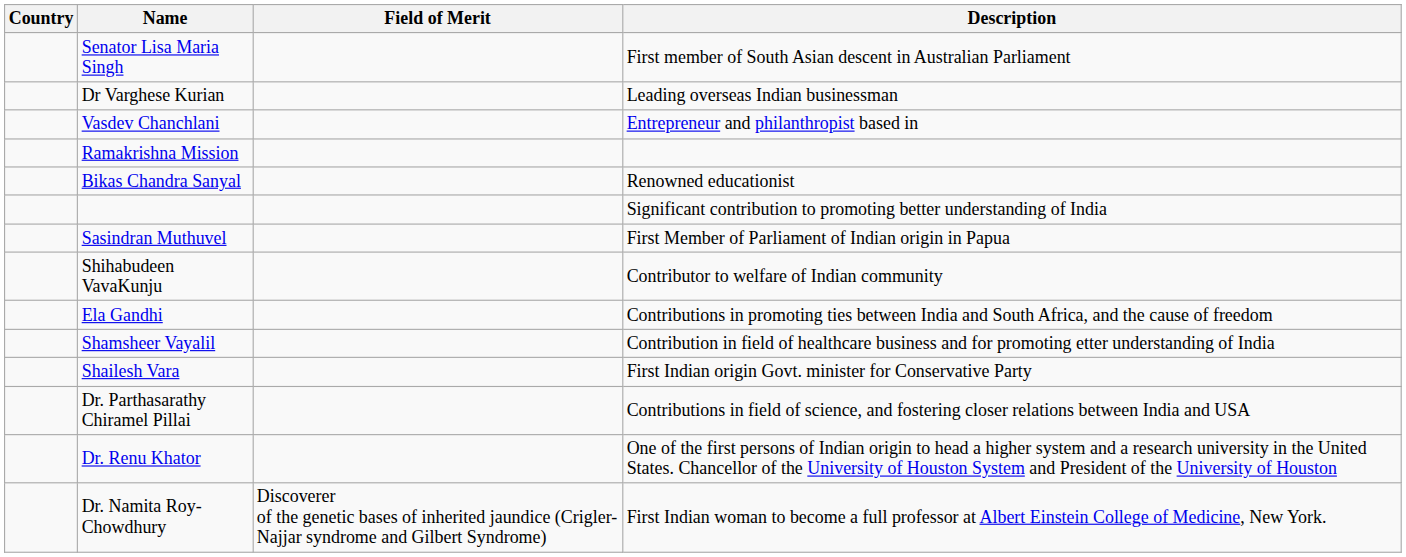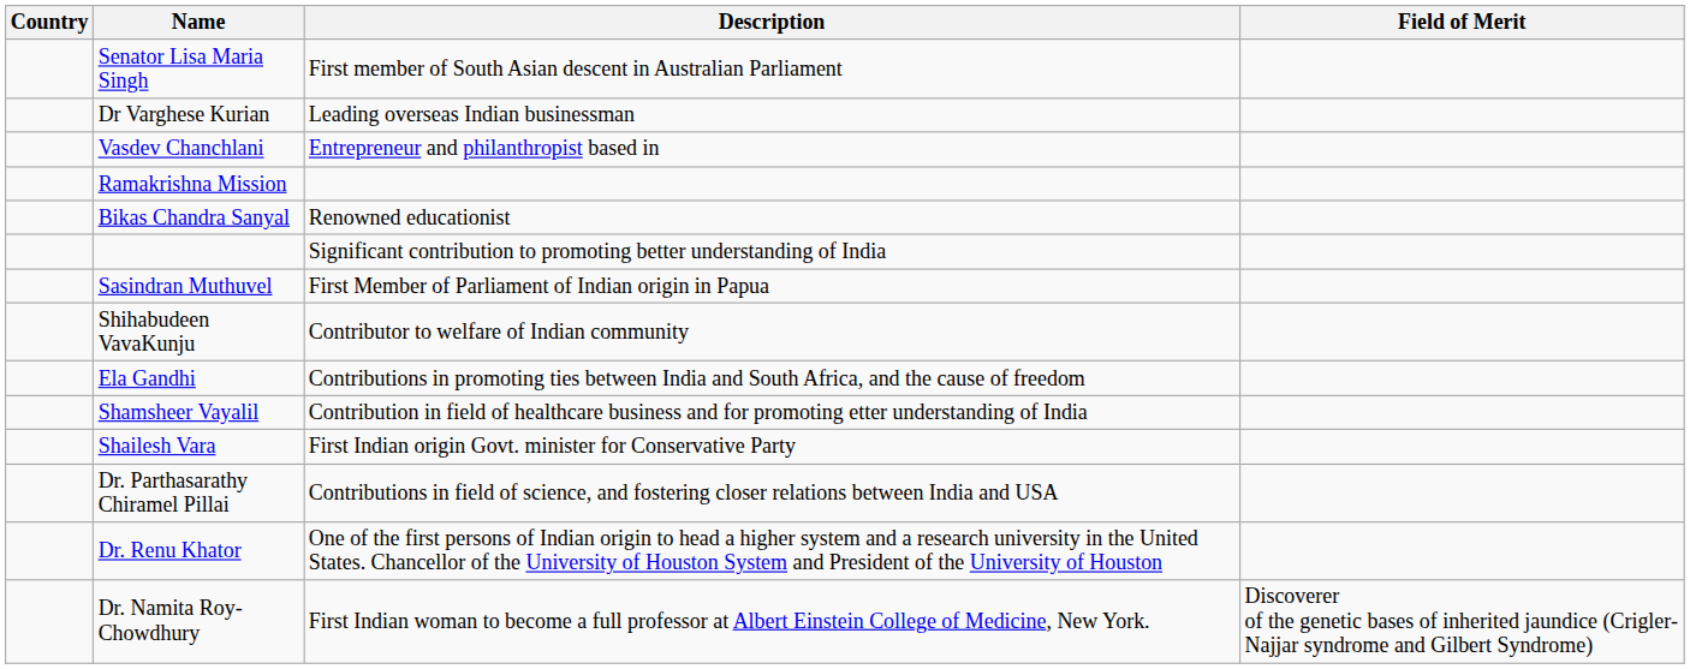 <table class="wikitable">
 <tr>
 <th>Country</th>
 <th>Name</th>
+<th>Description</th>
 <th>Field of Merit</th>
-<th>Description</th>
 </tr>
 <tr>
 <td></td>
 <td><a href='#'>Senator Lisa Maria Singh</a></td>
+<td>First member of South Asian descent in Australian Parliament</td>
 <td></td>
-<td>First member of South Asian descent in Australian Parliament</td>
 </tr>
 <tr>
 <td></td>
 <td>Dr Varghese Kurian</td>
+<td>Leading overseas Indian businessman</td>
 <td></td>
-<td>Leading overseas Indian businessman</td>
 </tr>
 <tr>
 <td></td>
 <td><a href='#'>Vasdev Chanchlani</a></td>
+<td><a href='#'>Entrepreneur</a> and <a href='#'>philanthropist</a> based in</td>
 <td></td>
-<td><a href='#'>Entrepreneur</a> and <a href='#'>philanthropist</a> based in</td>
 </tr>
 <tr>
 <td></td>
 <td><a href='#'>Ramakrishna Mission</a></td>
 <td></td>
 <td></td>
 </tr>
 <tr>
 <td></td>
 <td><a href='#'>Bikas Chandra Sanyal</a></td>
+<td>Renowned educationist</td>
 <td></td>
-<td>Renowned educationist</td>
 </tr>
 <tr>
 <td></td>
 <td></td>
+<td>Significant contribution to promoting better understanding of India</td>
 <td></td>
-<td>Significant contribution to promoting better understanding of India</td>
 </tr>
 <tr>
 <td></td>
 <td><a href='#'>Sasindran Muthuvel</a></td>
+<td>First Member of Parliament of Indian origin in Papua</td>
 <td></td>
-<td>First Member of Parliament of Indian origin in Papua</td>
 </tr>
 <tr>
 <td></td>
 <td>Shihabudeen VavaKunju</td>
+<td>Contributor to welfare of Indian community</td>
 <td></td>
-<td>Contributor to welfare of Indian community</td>
 </tr>
 <tr>
 <td></td>
 <td><a href='#'>Ela Gandhi</a></td>
+<td>Contributions in promoting ties between India and South Africa, and the cause of freedom</td>
 <td></td>
-<td>Contributions in promoting ties between India and South Africa, and the cause of freedom</td>
 </tr>
 <tr>
 <td></td>
 <td><a href='#'>Shamsheer Vayalil</a></td>
+<td>Contribution in field of healthcare business and for promoting etter understanding of India</td>
 <td></td>
-<td>Contribution in field of healthcare business and for promoting etter understanding of India</td>
 </tr>
 <tr>
 <td></td>
 <td><a href='#'>Shailesh Vara</a></td>
+<td>First Indian origin Govt. minister for Conservative Party</td>
 <td></td>
-<td>First Indian origin Govt. minister for Conservative Party</td>
 </tr>
 <tr>
 <td></td>
 <td>Dr. Parthasarathy Chiramel Pillai</td>
+<td>Contributions in field of science, and fostering closer relations between India and USA</td>
 <td></td>
-<td>Contributions in field of science, and fostering closer relations between India and USA</td>
 </tr>
 <tr>
 <td></td>
 <td><a href='#'>Dr. Renu Khator</a></td>
+<td>One of the first persons of Indian origin to head a higher system and a research university in the United States. Chancellor of the <a href='#'>University of Houston System</a> and President of the <a href='#'>University of Houston</a></td>
 <td></td>
-<td>One of the first persons of Indian origin to head a higher system and a research university in the United States. Chancellor of the <a href='#'>University of Houston System</a> and President of the <a href='#'>University of Houston</a></td>
 </tr>
 <tr>
 <td></td>
 <td>Dr. Namita Roy-Chowdhury</td>
+<td>First Indian woman to become a full professor at <a href='#'>Albert Einstein College of Medicine</a>, New York.</td>
 <td>Discoverer<br>of the genetic bases of inherited jaundice (Crigler-Najjar syndrome and Gilbert Syndrome)</td>
-<td>First Indian woman to become a full professor at <a href='#'>Albert Einstein College of Medicine</a>, New York.</td>
 </tr>
 </table>
